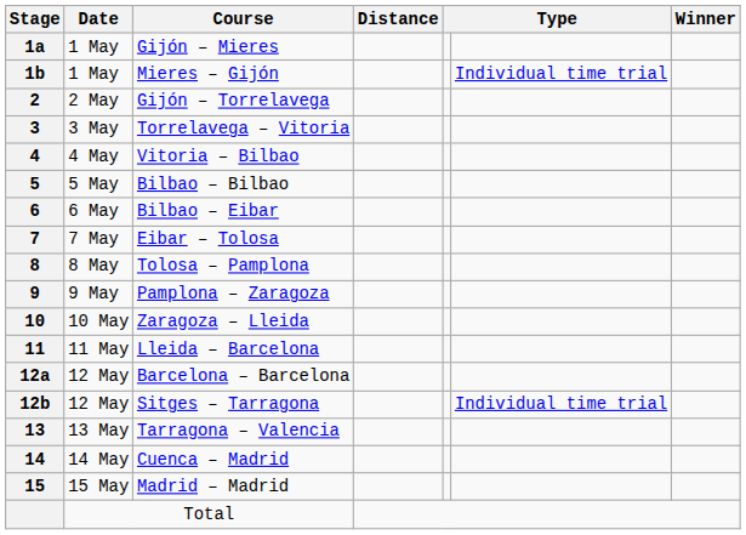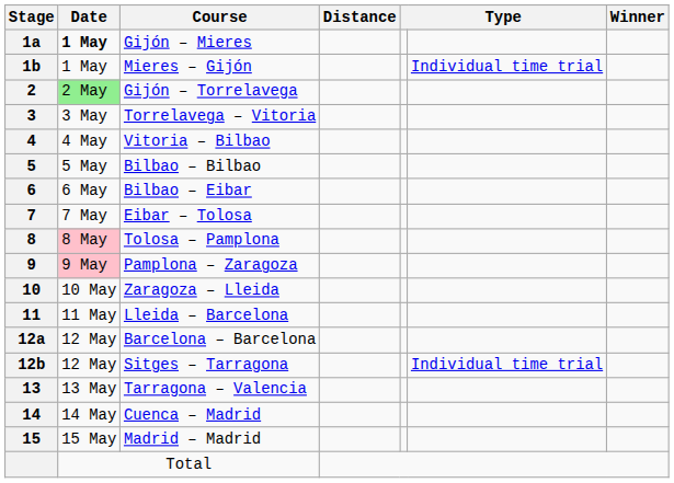 <table class="wikitable">
 <tr>
 <th scope="col">Stage</th>
 <th scope="col">Date</th>
 <th scope="col">Course</th>
 <th scope="col">Distance</th>
 <th scope="col" colspan="2">Type</th>
 <th scope="col">Winner</th>
 </tr>
 <tr>
 <th scope="row">1a</th>
-<td>1 May</td>
+<td><strong>1 May</strong></td>
 <td><a href='#'>Gijón</a> – <a href='#'>Mieres</a></td>
 <td style="text-align:center;"></td>
 <td></td>
 <td></td>
 <td></td>
 </tr>
 <tr>
 <th scope="row">1b</th>
 <td>1 May</td>
 <td><a href='#'>Mieres</a> – <a href='#'>Gijón</a></td>
 <td style="text-align:center;"></td>
 <td></td>
 <td><a href='#'>Individual time trial</a></td>
 <td></td>
 </tr>
 <tr>
 <th scope="row">2</th>
-<td>2 May</td>
+<td style="background: lightgreen;">2 May</td>
 <td><a href='#'>Gijón</a> – <a href='#'>Torrelavega</a></td>
 <td style="text-align:center;"></td>
 <td></td>
 <td></td>
 <td></td>
 </tr>
 <tr>
 <th scope="row">3</th>
 <td>3 May</td>
 <td><a href='#'>Torrelavega</a> – <a href='#'>Vitoria</a></td>
 <td style="text-align:center;"></td>
 <td></td>
 <td></td>
 <td></td>
 </tr>
 <tr>
 <th scope="row">4</th>
 <td>4 May</td>
 <td><a href='#'>Vitoria</a> – <a href='#'>Bilbao</a></td>
 <td style="text-align:center;"></td>
 <td></td>
 <td></td>
 <td></td>
 </tr>
 <tr>
 <th scope="row">5</th>
 <td>5 May</td>
 <td><a href='#'>Bilbao</a> – Bilbao</td>
 <td style="text-align:center;"></td>
 <td></td>
 <td></td>
 <td></td>
 </tr>
 <tr>
 <th scope="row">6</th>
 <td>6 May</td>
 <td><a href='#'>Bilbao</a> – <a href='#'>Eibar</a></td>
 <td style="text-align:center;"></td>
 <td></td>
 <td></td>
 <td></td>
 </tr>
 <tr>
 <th scope="row">7</th>
 <td>7 May</td>
 <td><a href='#'>Eibar</a> – <a href='#'>Tolosa</a></td>
 <td style="text-align:center;"></td>
 <td></td>
 <td></td>
 <td></td>
 </tr>
 <tr>
 <th scope="row">8</th>
-<td>8 May</td>
+<td style="background: pink;">8 May</td>
 <td><a href='#'>Tolosa</a> – <a href='#'>Pamplona</a></td>
 <td style="text-align:center;"></td>
 <td></td>
 <td></td>
 <td></td>
 </tr>
 <tr>
 <th scope="row">9</th>
-<td>9 May</td>
+<td style="background: pink;">9 May</td>
 <td><a href='#'>Pamplona</a> – <a href='#'>Zaragoza</a></td>
 <td style="text-align:center;"></td>
 <td></td>
 <td></td>
 <td></td>
 </tr>
 <tr>
 <th scope="row">10</th>
 <td>10 May</td>
 <td><a href='#'>Zaragoza</a> – <a href='#'>Lleida</a></td>
 <td style="text-align:center;"></td>
 <td></td>
 <td></td>
 <td></td>
 </tr>
 <tr>
 <th scope="row">11</th>
 <td>11 May</td>
 <td><a href='#'>Lleida</a> – <a href='#'>Barcelona</a></td>
 <td style="text-align:center;"></td>
 <td></td>
 <td></td>
 <td></td>
 </tr>
 <tr>
 <th scope="row">12a</th>
 <td>12 May</td>
 <td><a href='#'>Barcelona</a> – Barcelona</td>
 <td style="text-align:center;"></td>
 <td></td>
 <td></td>
 <td></td>
 </tr>
 <tr>
 <th scope="row">12b</th>
 <td>12 May</td>
 <td><a href='#'>Sitges</a> – <a href='#'>Tarragona</a></td>
 <td style="text-align:center;"></td>
 <td></td>
 <td><a href='#'>Individual time trial</a></td>
 <td></td>
 </tr>
 <tr>
 <th scope="row">13</th>
 <td>13 May</td>
 <td><a href='#'>Tarragona</a> – <a href='#'>Valencia</a></td>
 <td style="text-align:center;"></td>
 <td></td>
 <td></td>
 <td></td>
 </tr>
 <tr>
 <th scope="row">14</th>
 <td>14 May</td>
 <td><a href='#'>Cuenca</a> – <a href='#'>Madrid</a></td>
 <td style="text-align:center;"></td>
 <td></td>
 <td></td>
 <td></td>
 </tr>
 <tr>
 <th scope="row">15</th>
 <td>15 May</td>
 <td><a href='#'>Madrid</a> – Madrid</td>
 <td style="text-align:center;"></td>
 <td></td>
 <td></td>
 <td></td>
 </tr>
 <tr>
 <th scope="row"></th>
 <td colspan="2" style="text-align:center">Total</td>
 <td colspan="4" style="text-align:center"></td>
 </tr>
 </table>
